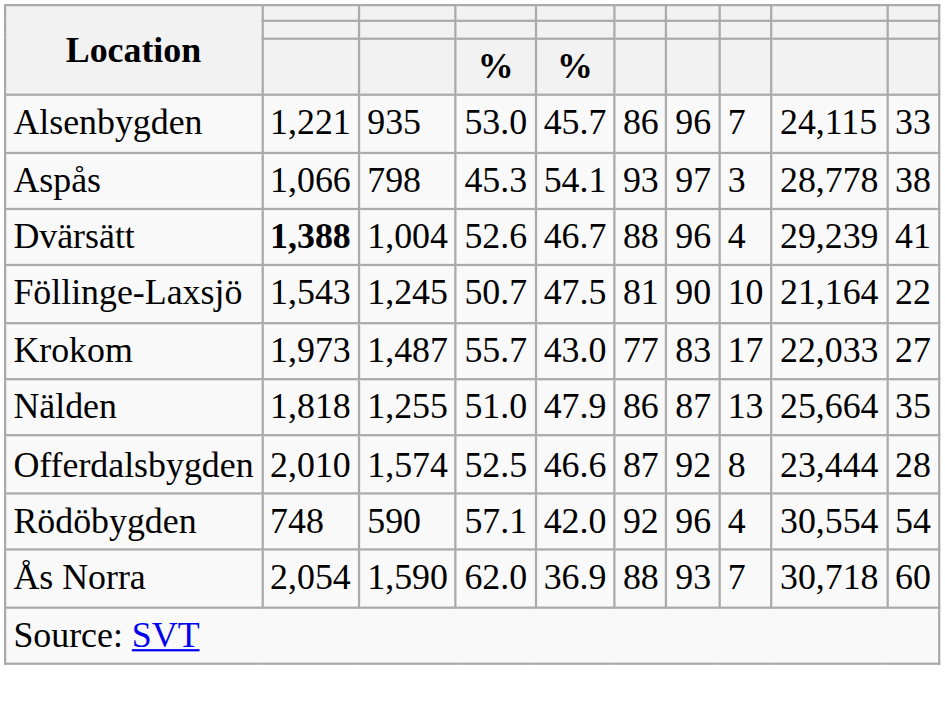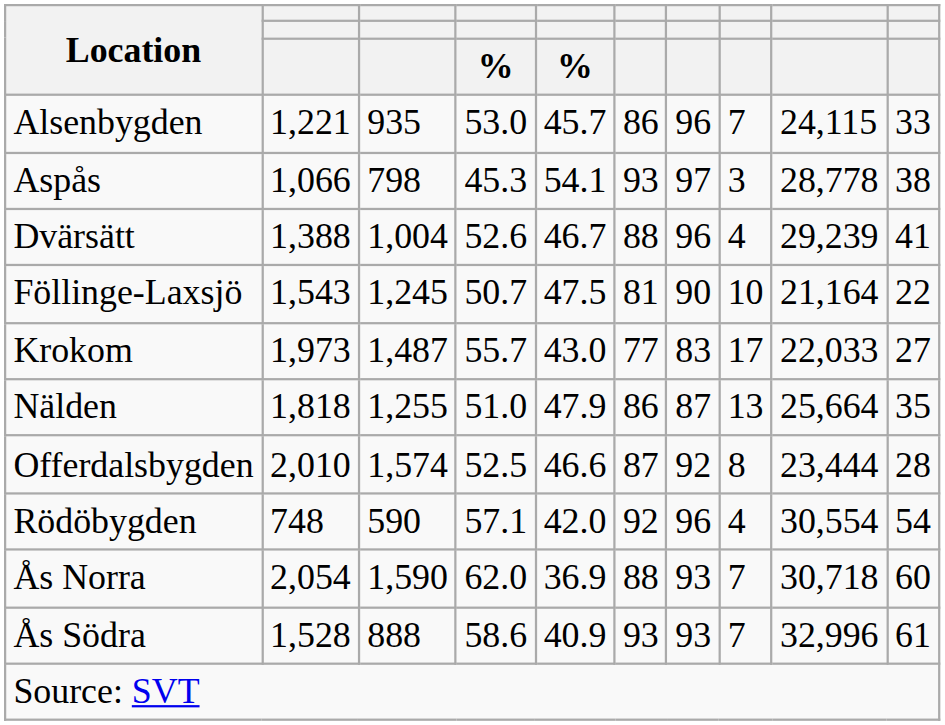 <table role="presentation" class="wikitable sortable mw-collapsible">
 <tr>
 <th rowspan="3">Location</th>
 <th></th>
 <th></th>
 <th></th>
 <th></th>
 <th></th>
 <th></th>
 <th></th>
 <th></th>
 <th></th>
 </tr>
 <tr>
 <th></th>
 <th></th>
 <th style="background:"></th>
 <th style="background:"></th>
 <th></th>
 <th></th>
 <th></th>
 <th></th>
 <th></th>
 </tr>
 <tr>
 <th data-sort-type="number"></th>
 <th data-sort-type="number"></th>
 <th data-sort-type="number">%</th>
 <th data-sort-type="number">%</th>
 <th data-sort-type="number"></th>
 <th data-sort-type="number"></th>
 <th data-sort-type="number"></th>
 <th data-sort-type="number"></th>
 <th data-sort-type="number"></th>
 </tr>
 <tr>
 <td align="left">Alsenbygden</td>
 <td>1,221</td>
 <td>935</td>
 <td>53.0</td>
 <td>45.7</td>
 <td>86</td>
 <td>96</td>
 <td>7</td>
 <td>24,115</td>
 <td>33</td>
 </tr>
 <tr>
 <td align="left">Aspås</td>
 <td>1,066</td>
 <td>798</td>
 <td>45.3</td>
 <td>54.1</td>
 <td>93</td>
 <td>97</td>
 <td>3</td>
 <td>28,778</td>
 <td>38</td>
 </tr>
 <tr>
 <td align="left">Dvärsätt</td>
-<td><strong>1,388</strong></td>
+<td>1,388</td>
 <td>1,004</td>
 <td>52.6</td>
 <td>46.7</td>
 <td>88</td>
 <td>96</td>
 <td>4</td>
 <td>29,239</td>
 <td>41</td>
 </tr>
 <tr>
 <td align="left">Föllinge-Laxsjö</td>
 <td>1,543</td>
 <td>1,245</td>
 <td>50.7</td>
 <td>47.5</td>
 <td>81</td>
 <td>90</td>
 <td>10</td>
 <td>21,164</td>
 <td>22</td>
 </tr>
 <tr>
 <td align="left">Krokom</td>
 <td>1,973</td>
 <td>1,487</td>
 <td>55.7</td>
 <td>43.0</td>
 <td>77</td>
 <td>83</td>
 <td>17</td>
 <td>22,033</td>
 <td>27</td>
 </tr>
 <tr>
 <td align="left">Nälden</td>
 <td>1,818</td>
 <td>1,255</td>
 <td>51.0</td>
 <td>47.9</td>
 <td>86</td>
 <td>87</td>
 <td>13</td>
 <td>25,664</td>
 <td>35</td>
 </tr>
 <tr>
 <td align="left">Offerdalsbygden</td>
 <td>2,010</td>
 <td>1,574</td>
 <td>52.5</td>
 <td>46.6</td>
 <td>87</td>
 <td>92</td>
 <td>8</td>
 <td>23,444</td>
 <td>28</td>
 </tr>
 <tr>
 <td align="left">Rödöbygden</td>
 <td>748</td>
 <td>590</td>
 <td>57.1</td>
 <td>42.0</td>
 <td>92</td>
 <td>96</td>
 <td>4</td>
 <td>30,554</td>
 <td>54</td>
 </tr>
 <tr>
 <td align="left">Ås Norra</td>
 <td>2,054</td>
 <td>1,590</td>
 <td>62.0</td>
 <td>36.9</td>
 <td>88</td>
 <td>93</td>
 <td>7</td>
 <td>30,718</td>
 <td>60</td>
 </tr>
 <tr>
+<td align="left">Ås Södra</td>
+<td>1,528</td>
+<td>888</td>
+<td>58.6</td>
+<td>40.9</td>
+<td>93</td>
+<td>93</td>
+<td>7</td>
+<td>32,996</td>
+<td>61</td>
+</tr>
+<tr>
 <td colspan="10" align="left">Source: <a href='#'>SVT</a></td>
 </tr>
 </table>
